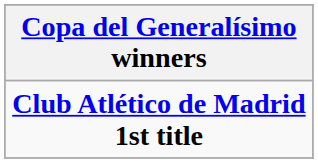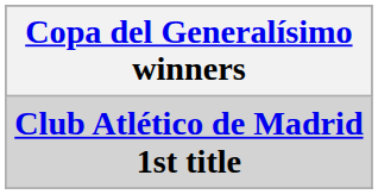 <table class="wikitable" style="text-align: center; margin: 0 auto;">
 <tr>
 <th><a href='#'>Copa del Generalísimo</a><br>winners</th>
 </tr>
 <tr>
-<td><strong><a href='#'>Club Atlético de Madrid</a></strong><br><strong>1st title</strong></td>
+<td style="background: lightgrey;"><strong><a href='#'>Club Atlético de Madrid</a></strong><br><strong>1st title</strong></td>
 </tr>
 </table>
